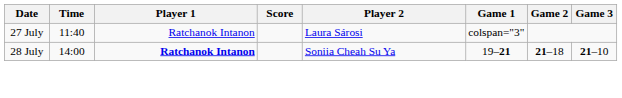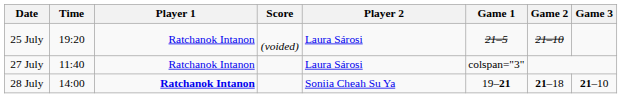 <table class="wikitable" style="font-size:90%; text-align:center">
 <tr>
 <th width="50">Date</th>
 <th width="50">Time</th>
 <th width="200">Player 1</th>
 <th width="50">Score</th>
 <th width="200">Player 2</th>
 <th width="50">Game 1</th>
 <th width="50">Game 2</th>
 <th width="50">Game 3</th>
+</tr>
+<tr>
+<td>25 July</td>
+<td>19:20</td>
+<td align="right"><a href='#'>Ratchanok Intanon</a> </td>
+<td> <br><em>(voided)</em></td>
+<td align="left"> <a href='#'>Laura Sárosi</a></td>
+<td><s><em>21–5</em></s></td>
+<td><s><em>21–10</em></s></td>
+<td></td>
 </tr>
 <tr>
 <td>27 July</td>
 <td>11:40</td>
 <td align="right"><a href='#'>Ratchanok Intanon</a> </td>
 <td> </td>
 <td align="left"> <a href='#'>Laura Sárosi</a></td>
 <td>colspan="3" </td>
 </tr>
 <tr>
 <td>28 July</td>
 <td>14:00</td>
 <td align="right"><strong><a href='#'>Ratchanok Intanon</a> </strong></td>
 <td> </td>
 <td align="left"> <a href='#'>Soniia Cheah Su Ya</a></td>
 <td>19–<strong>21</strong></td>
 <td><strong>21</strong>–18</td>
 <td><strong>21</strong>–10</td>
 </tr>
 </table>
